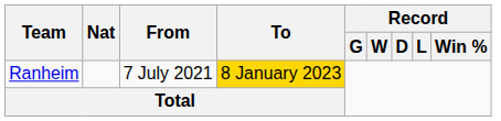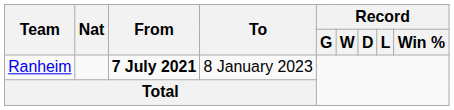 <table class="wikitable" style="text-align: center">
 <tr>
 <th rowspan="2">Team</th>
 <th rowspan="2">Nat</th>
 <th rowspan="2">From</th>
 <th rowspan="2">To</th>
 <th colspan="5">Record</th>
 </tr>
 <tr>
 <th>G</th>
 <th>W</th>
 <th>D</th>
 <th>L</th>
 <th>Win %</th>
 </tr>
 <tr>
 <td align=left><a href='#'>Ranheim</a></td>
 <td></td>
-<td align=left>7 July 2021</td>
-<td align=left style="background: gold;">8 January 2023<br></td>
+<td align=left><strong>7 July 2021</strong></td>
+<td align=left>8 January 2023<br></td>
 </tr>
 <tr>
 <th colspan="4">Total<br></th>
 </tr>
 </table>
